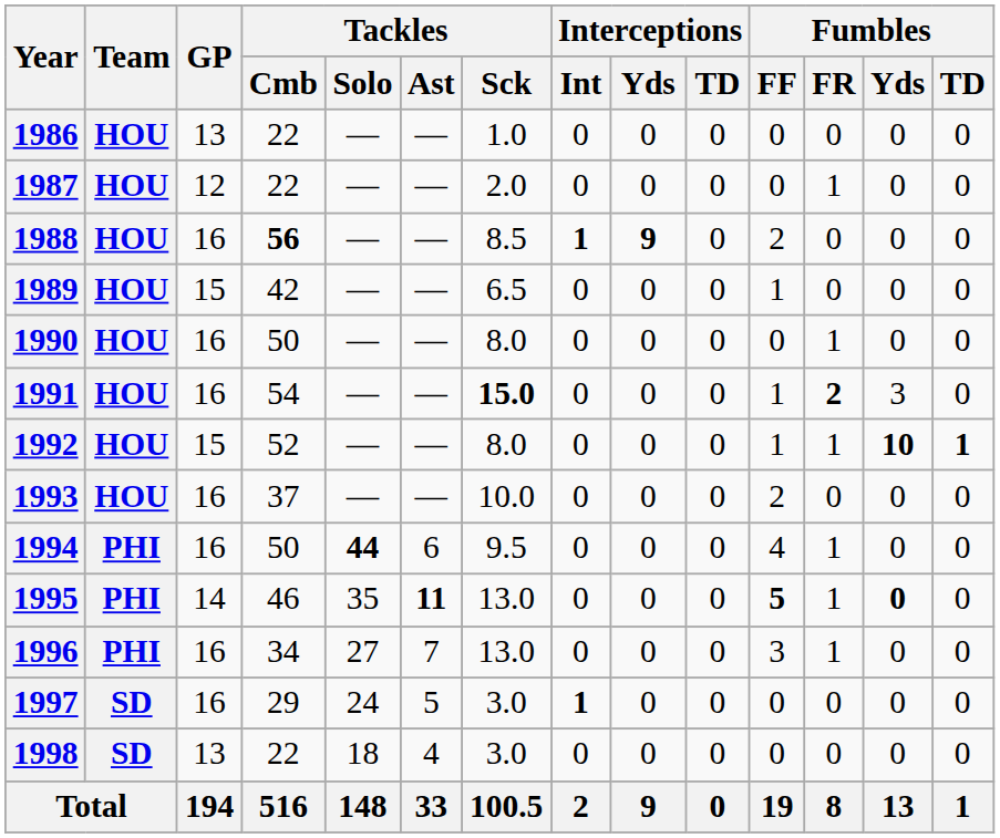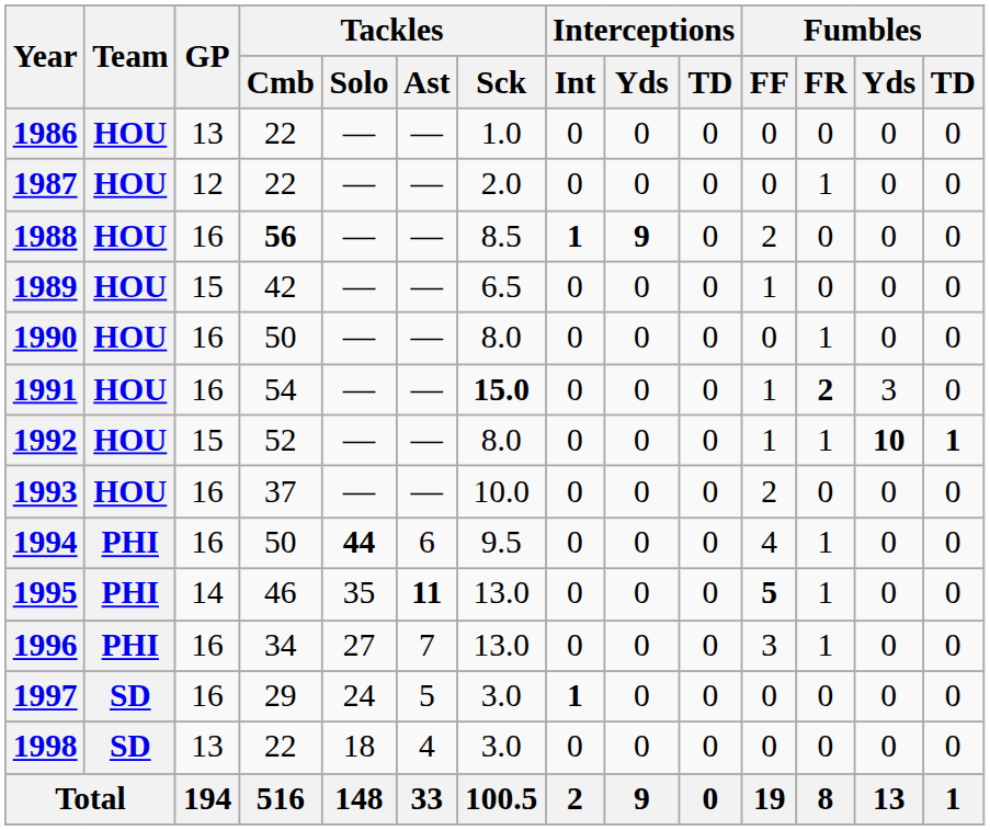 <table class="wikitable" style="text-align: center;">
 <tr>
 <th rowspan="2">Year</th>
 <th rowspan="2">Team</th>
 <th rowspan="2">GP</th>
 <th colspan="4">Tackles</th>
 <th colspan="3">Interceptions</th>
 <th colspan="4">Fumbles</th>
 </tr>
 <tr>
 <th>Cmb</th>
 <th>Solo</th>
 <th>Ast</th>
 <th>Sck</th>
 <th>Int</th>
 <th>Yds</th>
 <th>TD</th>
 <th>FF</th>
 <th>FR</th>
 <th>Yds</th>
 <th>TD</th>
 </tr>
 <tr>
 <th><a href='#'>1986</a></th>
 <th><a href='#'>HOU</a></th>
 <td>13</td>
 <td>22</td>
 <td>—</td>
 <td>—</td>
 <td>1.0</td>
 <td>0</td>
 <td>0</td>
 <td>0</td>
 <td>0</td>
 <td>0</td>
 <td>0</td>
 <td>0</td>
 </tr>
 <tr>
 <th><a href='#'>1987</a></th>
 <th><a href='#'>HOU</a></th>
 <td>12</td>
 <td>22</td>
 <td>—</td>
 <td>—</td>
 <td>2.0</td>
 <td>0</td>
 <td>0</td>
 <td>0</td>
 <td>0</td>
 <td>1</td>
 <td>0</td>
 <td>0</td>
 </tr>
 <tr>
 <th><a href='#'>1988</a></th>
 <th><a href='#'>HOU</a></th>
 <td>16</td>
 <td><strong>56</strong></td>
 <td>—</td>
 <td>—</td>
 <td>8.5</td>
 <td><strong>1</strong></td>
 <td><strong>9</strong></td>
 <td>0</td>
 <td>2</td>
 <td>0</td>
 <td>0</td>
 <td>0</td>
 </tr>
 <tr>
 <th><a href='#'>1989</a></th>
 <th><a href='#'>HOU</a></th>
 <td>15</td>
 <td>42</td>
 <td>—</td>
 <td>—</td>
 <td>6.5</td>
 <td>0</td>
 <td>0</td>
 <td>0</td>
 <td>1</td>
 <td>0</td>
 <td>0</td>
 <td>0</td>
 </tr>
 <tr>
 <th><a href='#'>1990</a></th>
 <th><a href='#'>HOU</a></th>
 <td>16</td>
 <td>50</td>
 <td>—</td>
 <td>—</td>
 <td>8.0</td>
 <td>0</td>
 <td>0</td>
 <td>0</td>
 <td>0</td>
 <td>1</td>
 <td>0</td>
 <td>0</td>
 </tr>
 <tr>
 <th><a href='#'>1991</a></th>
 <th><a href='#'>HOU</a></th>
 <td>16</td>
 <td>54</td>
 <td>—</td>
 <td>—</td>
 <td><strong>15.0</strong></td>
 <td>0</td>
 <td>0</td>
 <td>0</td>
 <td>1</td>
 <td><strong>2</strong></td>
 <td>3</td>
 <td>0</td>
 </tr>
 <tr>
 <th><a href='#'>1992</a></th>
 <th><a href='#'>HOU</a></th>
 <td>15</td>
 <td>52</td>
 <td>—</td>
 <td>—</td>
 <td>8.0</td>
 <td>0</td>
 <td>0</td>
 <td>0</td>
 <td>1</td>
 <td>1</td>
 <td><strong>10</strong></td>
 <td><strong>1</strong></td>
 </tr>
 <tr>
 <th><a href='#'>1993</a></th>
 <th><a href='#'>HOU</a></th>
 <td>16</td>
 <td>37</td>
 <td>—</td>
 <td>—</td>
 <td>10.0</td>
 <td>0</td>
 <td>0</td>
 <td>0</td>
 <td>2</td>
 <td>0</td>
 <td>0</td>
 <td>0</td>
 </tr>
 <tr>
 <th><a href='#'>1994</a></th>
 <th><a href='#'>PHI</a></th>
 <td>16</td>
 <td>50</td>
 <td><strong>44</strong></td>
 <td>6</td>
 <td>9.5</td>
 <td>0</td>
 <td>0</td>
 <td>0</td>
 <td>4</td>
 <td>1</td>
 <td>0</td>
 <td>0</td>
 </tr>
 <tr>
 <th><a href='#'>1995</a></th>
 <th><a href='#'>PHI</a></th>
 <td>14</td>
 <td>46</td>
 <td>35</td>
 <td><strong>11</strong></td>
 <td>13.0</td>
 <td>0</td>
 <td>0</td>
 <td>0</td>
 <td><strong>5</strong></td>
 <td>1</td>
-<td><strong>0</strong></td>
+<td>0</td>
 <td>0</td>
 </tr>
 <tr>
 <th><a href='#'>1996</a></th>
 <th><a href='#'>PHI</a></th>
 <td>16</td>
 <td>34</td>
 <td>27</td>
 <td>7</td>
 <td>13.0</td>
 <td>0</td>
 <td>0</td>
 <td>0</td>
 <td>3</td>
 <td>1</td>
 <td>0</td>
 <td>0</td>
 </tr>
 <tr>
 <th><a href='#'>1997</a></th>
 <th><a href='#'>SD</a></th>
 <td>16</td>
 <td>29</td>
 <td>24</td>
 <td>5</td>
 <td>3.0</td>
 <td><strong>1</strong></td>
 <td>0</td>
 <td>0</td>
 <td>0</td>
 <td>0</td>
 <td>0</td>
 <td>0</td>
 </tr>
 <tr>
 <th><a href='#'>1998</a></th>
 <th><a href='#'>SD</a></th>
 <td>13</td>
 <td>22</td>
 <td>18</td>
 <td>4</td>
 <td>3.0</td>
 <td>0</td>
 <td>0</td>
 <td>0</td>
 <td>0</td>
 <td>0</td>
 <td>0</td>
 <td>0</td>
 </tr>
 <tr>
 <th colspan="2">Total</th>
 <th>194</th>
 <th>516</th>
 <th>148</th>
 <th>33</th>
 <th>100.5</th>
 <th>2</th>
 <th>9</th>
 <th>0</th>
 <th>19</th>
 <th>8</th>
 <th>13</th>
 <th>1</th>
 </tr>
 </table>
